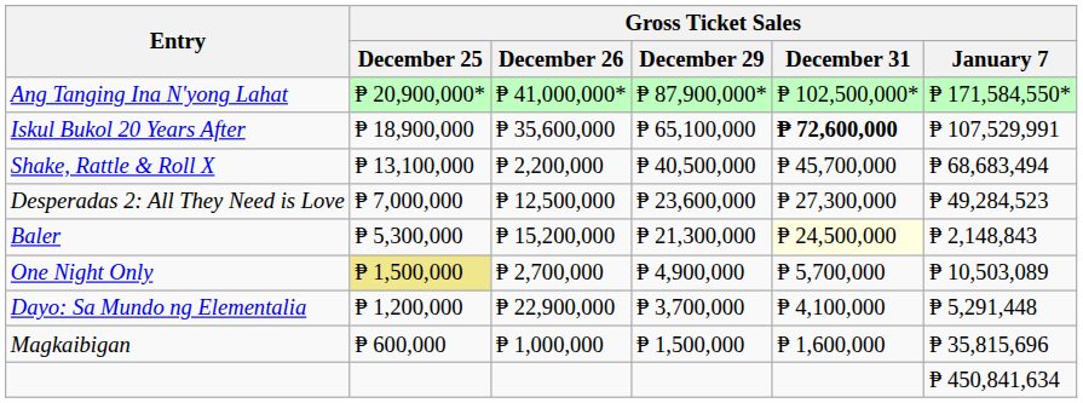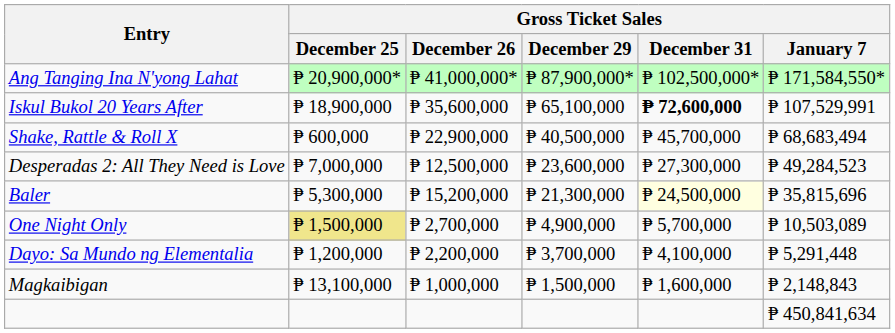 <table class="wikitable sortable" style="text align: center">
 <tr bgcolor="#efefef">
 <th rowspan=2>Entry</th>
 <th colspan=7>Gross Ticket Sales</th>
 </tr>
 <tr>
 <th>December 25</th>
 <th>December 26</th>
 <th>December 29</th>
 <th>December 31</th>
 <th>January 7</th>
 </tr>
 <tr>
 <td><em><a href='#'>Ang Tanging Ina N'yong Lahat</a></em></td>
 <td data-sort-value="1" style="background:#BFFFC0;">₱ 20,900,000*</td>
 <td data-sort-value="1" style="background:#BFFFC0;">₱ 41,000,000*</td>
 <td data-sort-value="1" style="background:#BFFFC0;">₱ 87,900,000*</td>
 <td data-sort-value="1" style="background:#BFFFC0;">₱ 102,500,000*</td>
 <td data-sort-value="1" style="background:#BFFFC0;">₱ 171,584,550*</td>
 </tr>
 <tr>
 <td><em><a href='#'>Iskul Bukol 20 Years After</a> </em></td>
 <td data-sort-value="2">₱ 18,900,000</td>
 <td data-sort-value="2">₱ 35,600,000</td>
 <td data-sort-value="2">₱ 65,100,000</td>
 <td data-sort-value="2"><strong>₱ 72,600,000</strong></td>
 <td data-sort-value="2">₱ 107,529,991</td>
 </tr>
 <tr>
 <td><em><a href='#'>Shake, Rattle & Roll X</a></em></td>
-<td data-sort-value="3">₱ 13,100,000</td>
-<td data-sort-value="7">₱ 2,200,000</td>
+<td data-sort-value="8">₱ 600,000</td>
+<td data-sort-value="3">₱ 22,900,000</td>
 <td data-sort-value="3">₱ 40,500,000</td>
 <td data-sort-value="3">₱ 45,700,000</td>
 <td data-sort-value="3">₱ 68,683,494</td>
 </tr>
 <tr>
 <td><em>Desperadas 2: All They Need is Love</em></td>
 <td data-sort-value="4">₱ 7,000,000</td>
 <td data-sort-value="5">₱ 12,500,000</td>
 <td data-sort-value="4">₱ 23,600,000</td>
 <td data-sort-value="4">₱ 27,300,000</td>
 <td data-sort-value="4">₱ 49,284,523</td>
 </tr>
 <tr>
 <td><em><a href='#'>Baler</a></em></td>
 <td data-sort-value="5">₱ 5,300,000</td>
 <td data-sort-value="4">₱ 15,200,000</td>
 <td data-sort-value="5">₱ 21,300,000</td>
 <td data-sort-value="5" style="background: lightyellow;">₱ 24,500,000</td>
-<td data-sort-value="8">₱ 2,148,843</td>
+<td data-sort-value="5">₱ 35,815,696</td>
 </tr>
 <tr>
 <td><em><a href='#'>One Night Only</a></em></td>
 <td data-sort-value="6" style="background: khaki;">₱ 1,500,000</td>
 <td data-sort-value="6">₱ 2,700,000</td>
 <td data-sort-value="6">₱ 4,900,000</td>
 <td data-sort-value="6">₱ 5,700,000</td>
 <td data-sort-value="6">₱ 10,503,089</td>
 </tr>
 <tr>
 <td><em><a href='#'>Dayo: Sa Mundo ng Elementalia</a></em></td>
 <td data-sort-value="7">₱ 1,200,000</td>
-<td data-sort-value="3">₱ 22,900,000</td>
+<td data-sort-value="7">₱ 2,200,000</td>
 <td data-sort-value="7">₱ 3,700,000</td>
 <td data-sort-value="7">₱ 4,100,000</td>
 <td data-sort-value="7">₱ 5,291,448</td>
 </tr>
 <tr>
 <td><em>Magkaibigan</em></td>
-<td data-sort-value="8">₱ 600,000</td>
+<td data-sort-value="3">₱ 13,100,000</td>
 <td data-sort-value="8">₱ 1,000,000</td>
 <td data-sort-value="8">₱ 1,500,000</td>
 <td data-sort-value="8">₱ 1,600,000</td>
-<td data-sort-value="5">₱ 35,815,696</td>
+<td data-sort-value="8">₱ 2,148,843</td>
 </tr>
 <tr>
 <td></td>
 <td></td>
 <td></td>
 <td></td>
 <td><strong></strong></td>
 <td>₱ 450,841,634</td>
 </tr>
 </table>
